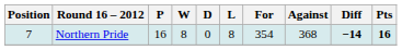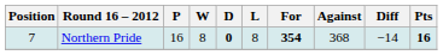 <table class="wikitable" style="text-align:center; font-size:85%;">
 <tr>
 <th width=40 abbr="Position">Position</th>
 <th width=100>Round 16 – 2012</th>
 <th width=20 abbr="Played">P</th>
 <th width=20 abbr="Won">W</th>
 <th width=20 abbr="Drawn">D</th>
 <th width=20 abbr="Lost">L</th>
 <th width=40 abbr="Points for">For</th>
 <th width=40 abbr="Points against">Against</th>
 <th width=40 abbr="Points difference">Diff</th>
 <th width=20 abbr="Points">Pts</th>
 </tr>
 <tr style="background: #d7ebed;">
 <td>7</td>
 <td style="text-align:left;"> <a href='#'>Northern Pride</a></td>
 <td>16</td>
 <td>8</td>
-<td>0</td>
+<td><strong>0</strong></td>
 <td>8</td>
-<td>354</td>
+<td><strong>354</strong></td>
 <td>368</td>
-<td><strong>−14</strong></td>
+<td>−14</td>
 <td><strong>16</strong></td>
 </tr>
 <tr>
 </tr>
 </table>
